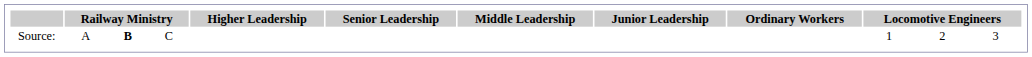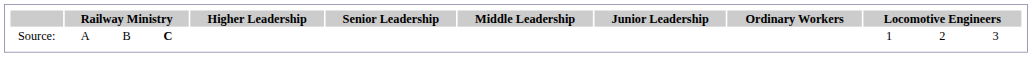 <table style="width:100%; border:1px solid #8888aa; background:#fff; padding:5px; font-size:95%; margin:0 12px 12px 0; text-align:center;">
 <tr style="background:#ccc;">
 <th></th>
 <th colspan="3">Railway Ministry</th>
 <th colspan="3">Higher Leadership</th>
 <th colspan="3">Senior Leadership</th>
 <th colspan="3">Middle Leadership</th>
 <th colspan="2">Junior Leadership</th>
 <th colspan="1">Ordinary Workers</th>
 <th colspan="3">Locomotive Engineers</th>
 </tr>
 <tr style="text-align:center;">
 <td>Source:</td>
 <td> A</td>
-<td><strong> B</strong></td>
-<td> C</td>
+<td> B</td>
+<td><strong> C</strong></td>
 <td></td>
 <td></td>
 <td></td>
 <td></td>
 <td></td>
 <td></td>
 <td></td>
 <td></td>
 <td></td>
 <td></td>
 <td></td>
 <td></td>
 <td> 1</td>
 <td> 2</td>
 <td> 3</td>
 </tr>
 <tr>
 </tr>
 </table>
